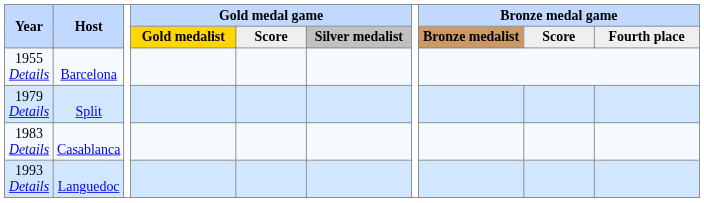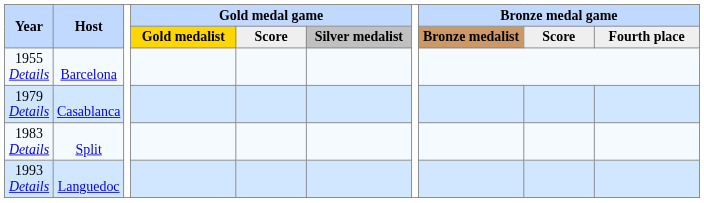 <table border=1 style="border-collapse:collapse; font-size:100%; text-align:center;" cellpadding=3 cellspacing=0>
 <tr bgcolor=#C1D8FF>
 <th rowspan=2 width=7%>Year</th>
 <th rowspan=2 width=10%>Host</th>
 <th width=1% rowspan=6 bgcolor=ffffff></th>
 <th colspan=3>Gold medal game</th>
 <th width=1% rowspan=6 bgcolor=ffffff></th>
 <th colspan=3>Bronze medal game</th>
 </tr>
 <tr bgcolor=#EFEFEF>
 <th width=15% bgcolor=gold>Gold medalist</th>
 <th width=10%>Score</th>
 <th width=15% bgcolor=silver>Silver medalist</th>
 <th width=15% bgcolor=cc9966>Bronze medalist</th>
 <th width=10%>Score</th>
 <th width=15%>Fourth place</th>
 </tr>
 <tr bgcolor=#F5FAFF>
 <td>1955<br><em><a href='#'>Details</a></em></td>
 <td> <br><a href='#'>Barcelona</a></td>
 <td><strong></strong></td>
 <td></td>
 <td></td>
 <td colspan=3></td>
 </tr>
 <tr bgcolor=#D0E7FF>
 <td>1979<br><em><a href='#'>Details</a></em></td>
-<td> <br><a href='#'>Split</a></td>
+<td> <br><a href='#'>Casablanca</a></td>
 <td><strong></strong></td>
 <td></td>
 <td></td>
 <td></td>
 <td></td>
 <td></td>
 </tr>
 <tr bgcolor=#F5FAFF>
 <td>1983<br><em><a href='#'>Details</a></em></td>
-<td> <br><a href='#'>Casablanca</a></td>
+<td> <br><a href='#'>Split</a></td>
 <td><strong></strong></td>
 <td></td>
 <td></td>
 <td></td>
 <td></td>
 <td></td>
 </tr>
 <tr bgcolor=#D0E7FF>
 <td>1993<br><em><a href='#'>Details</a></em></td>
 <td> <br><a href='#'>Languedoc</a></td>
 <td><strong></strong></td>
 <td></td>
 <td></td>
 <td></td>
 <td></td>
 <td></td>
 </tr>
 </table>
